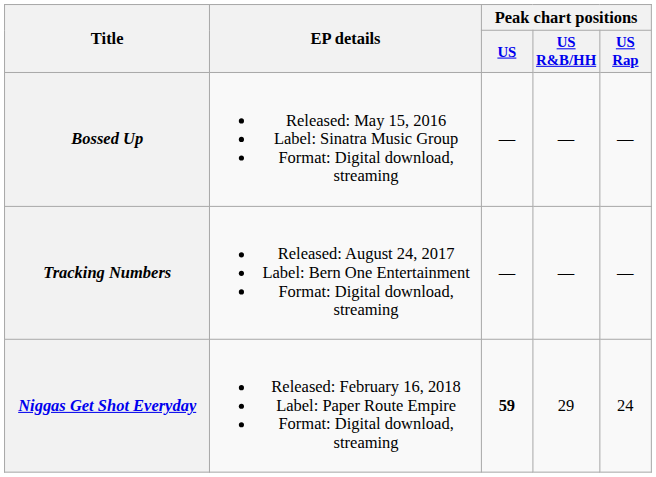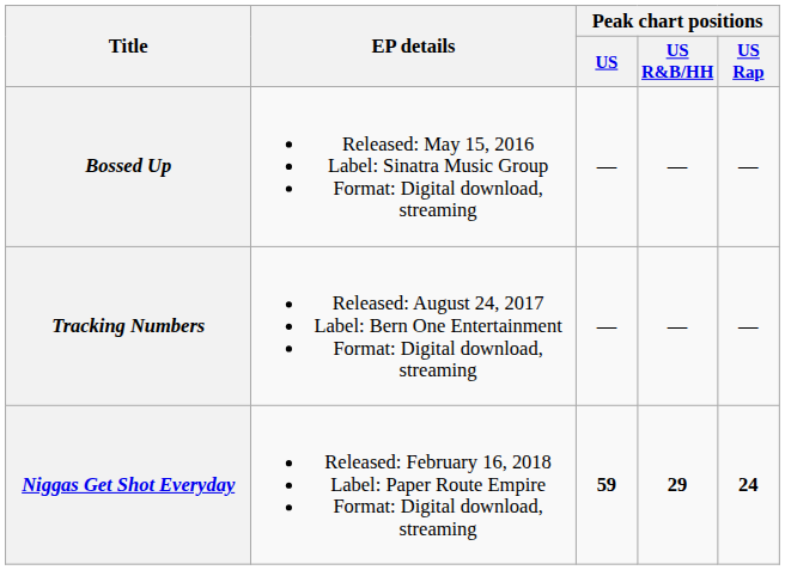 <table class="wikitable plainrowheaders" style="text-align:center;">
 <tr>
 <th scope="col" rowspan="2" style="width:12em;">Title</th>
 <th scope="col" rowspan="2" style="width:16em;">EP details</th>
 <th scope="col" colspan="3">Peak chart positions</th>
 </tr>
 <tr>
 <th style="width:3em; font-size:90%"><a href='#'>US</a><br></th>
 <th style="width:3em; font-size:90%"><a href='#'>US R&B/HH</a><br></th>
 <th style="width:3em; font-size:90%"><a href='#'>US Rap</a><br></th>
 </tr>
 <tr>
 <th scope="row"><em>Bossed Up</em></th>
 <td><br><ul><li>Released: May 15, 2016</li><li>Label: Sinatra Music Group</li><li>Format: Digital download, streaming</li></ul></td>
 <td>—</td>
 <td>—</td>
 <td>—</td>
 </tr>
 <tr>
 <th scope="row"><em>Tracking Numbers</em> </th>
 <td><br><ul><li>Released: August 24, 2017</li><li>Label: Bern One Entertainment</li><li>Format: Digital download, streaming</li></ul></td>
 <td>—</td>
 <td>—</td>
 <td>—</td>
 </tr>
 <tr>
 <th scope="row"><em><a href='#'>Niggas Get Shot Everyday</a></em></th>
 <td><br><ul><li>Released: February 16, 2018</li><li>Label: Paper Route Empire</li><li>Format: Digital download, streaming</li></ul></td>
 <td><strong>59</strong></td>
-<td>29</td>
-<td>24</td>
+<td><strong>29</strong></td>
+<td><strong>24</strong></td>
 </tr>
 </table>
